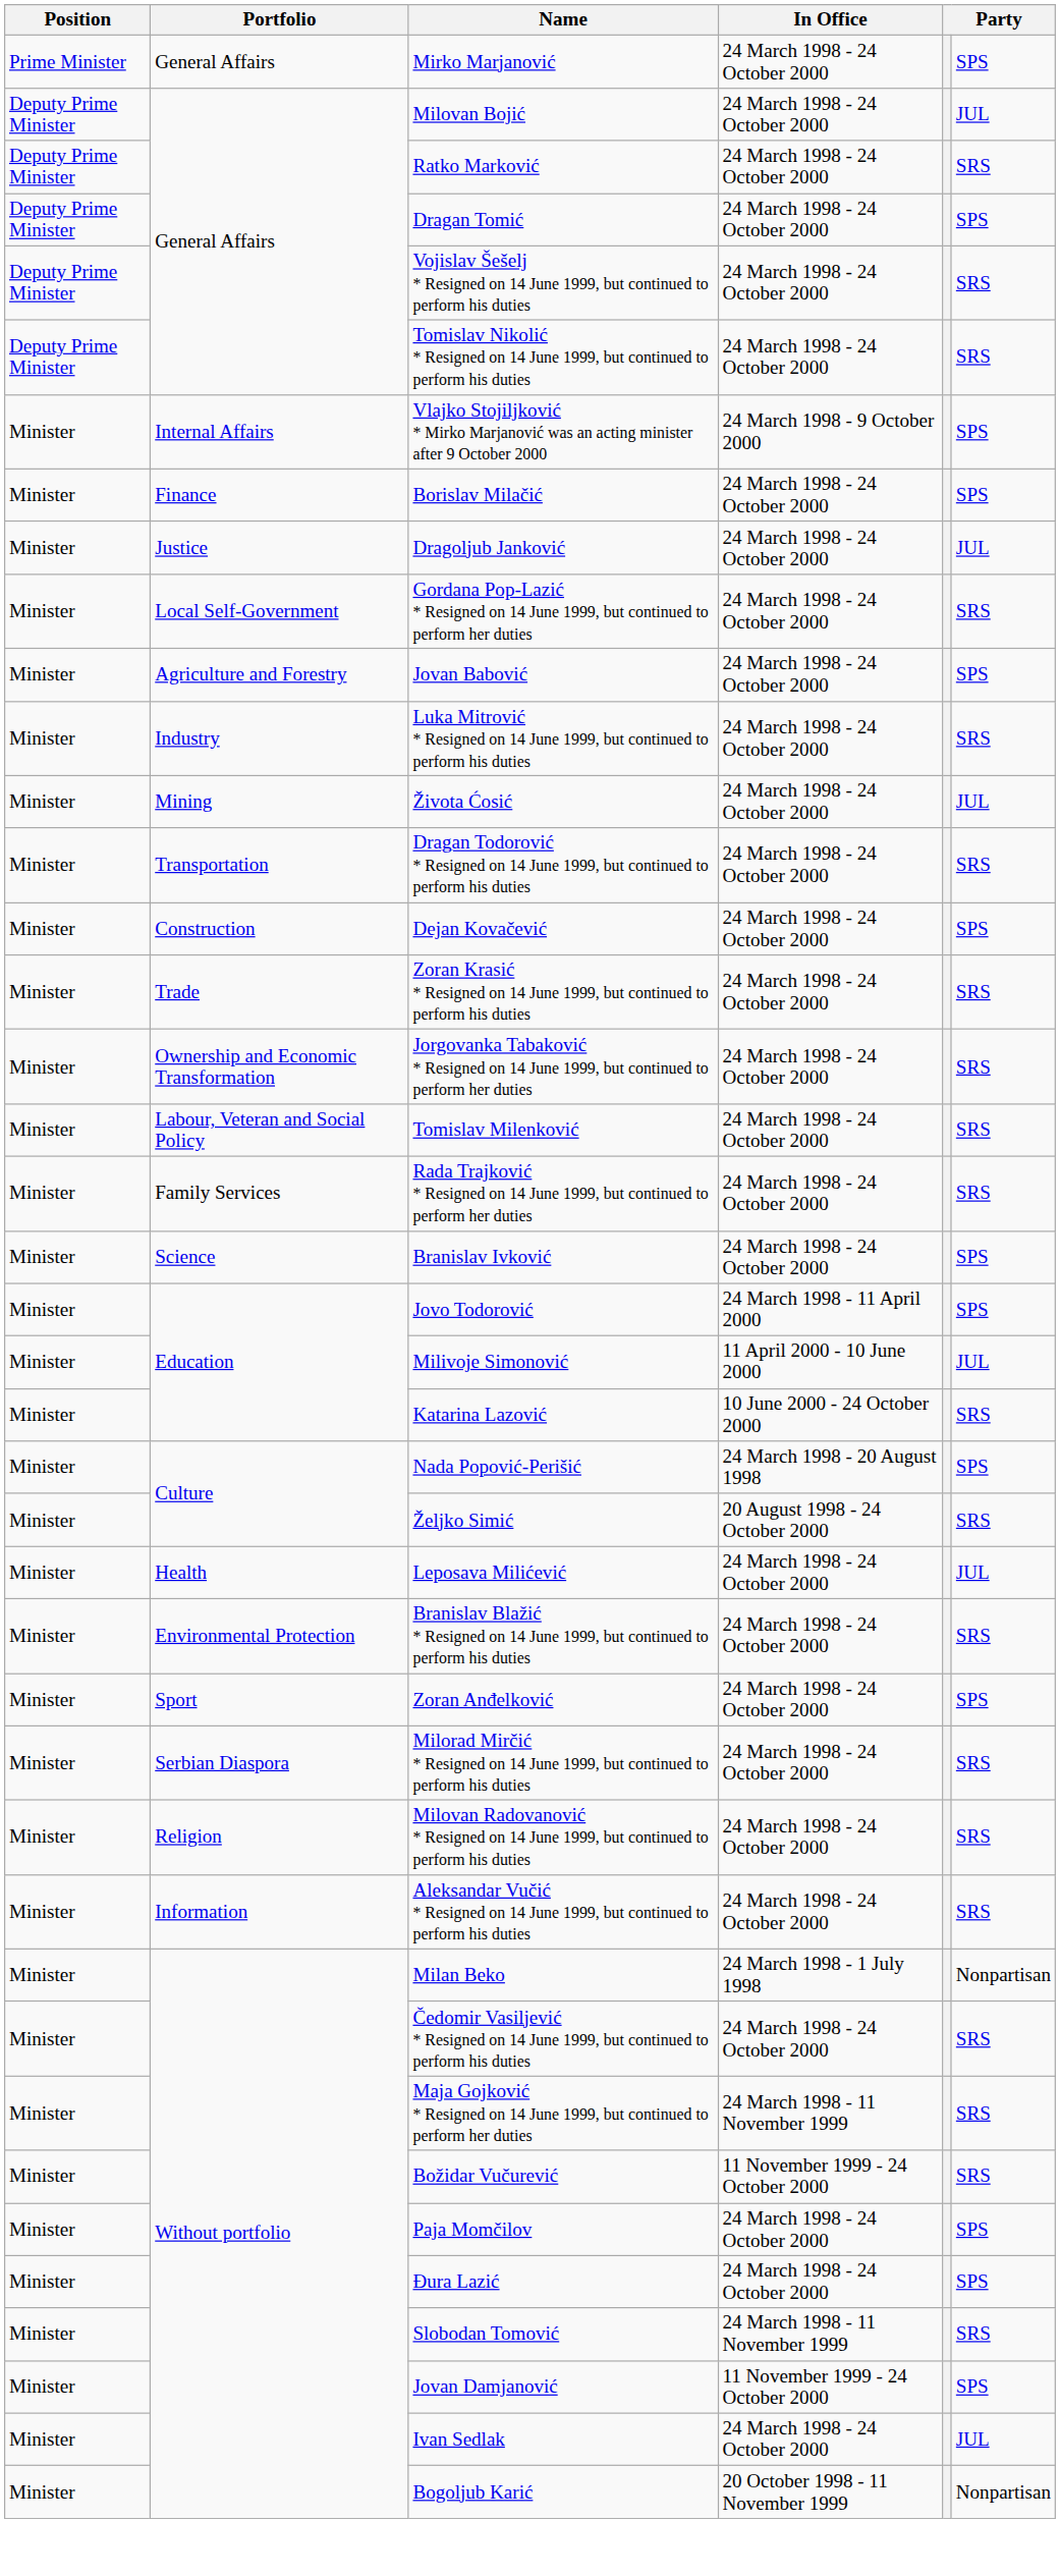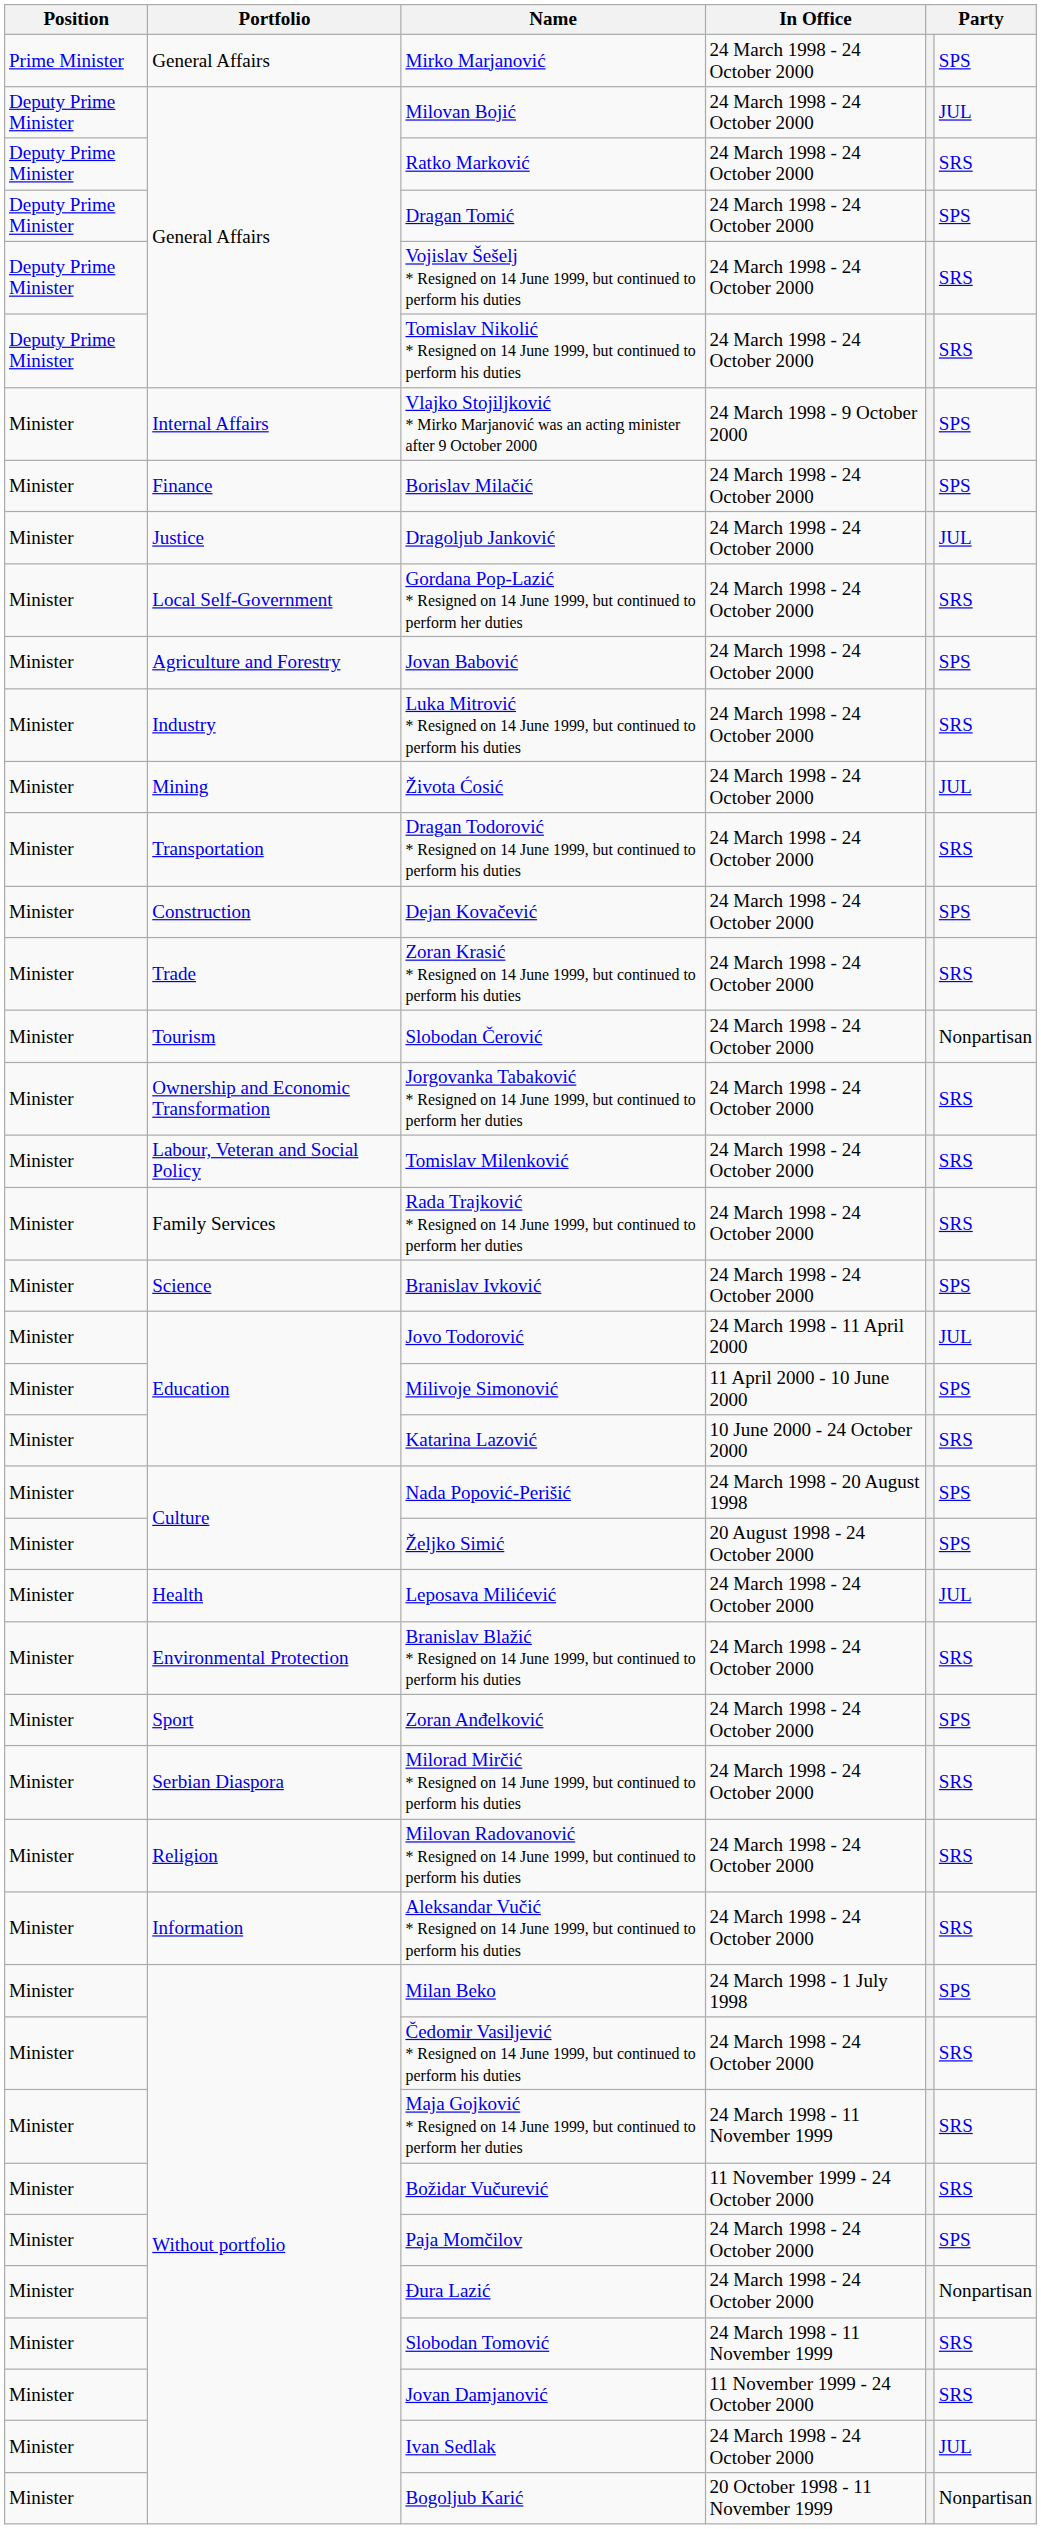 <table class="wikitable">
 <tr>
 <th colspan="1" bgcolor="#EEEEEE">Position</th>
 <th colspan="1" bgcolor="#EEEEEE">Portfolio</th>
 <th colspan="1" bgcolor="#EEEEEE">Name</th>
 <th colspan="1" bgcolor="#EEEEEE">In Office</th>
 <th colspan="2" bgcolor="#EEEEEE">Party</th>
 </tr>
 <tr>
 <td><a href='#'>Prime Minister</a></td>
 <td>General Affairs</td>
 <td><a href='#'>Mirko Marjanović</a></td>
 <td>24 March 1998 - 24 October 2000</td>
 <th style="background:"></th>
 <td><a href='#'>SPS</a></td>
 </tr>
 <tr>
 <td><a href='#'>Deputy Prime Minister</a></td>
 <td rowspan="5">General Affairs</td>
 <td><a href='#'>Milovan Bojić</a></td>
 <td>24 March 1998 - 24 October 2000</td>
 <th style="background:"></th>
 <td><a href='#'>JUL</a></td>
 </tr>
 <tr>
 <td><a href='#'>Deputy Prime Minister</a></td>
 <td><a href='#'>Ratko Marković</a></td>
 <td>24 March 1998 - 24 October 2000</td>
 <th style="background:"></th>
 <td><a href='#'>SRS</a></td>
 </tr>
 <tr>
 <td><a href='#'>Deputy Prime Minister</a></td>
 <td><a href='#'>Dragan Tomić</a></td>
 <td>24 March 1998 - 24 October 2000</td>
 <th style="background:"></th>
 <td><a href='#'>SPS</a></td>
 </tr>
 <tr>
 <td><a href='#'>Deputy Prime Minister</a></td>
 <td><a href='#'>Vojislav Šešelj</a><small><br>* Resigned on 14 June 1999, but continued to perform his duties</small></td>
 <td>24 March 1998 - 24 October 2000</td>
 <th style="background:"></th>
 <td><a href='#'>SRS</a></td>
 </tr>
 <tr>
 <td><a href='#'>Deputy Prime Minister</a></td>
 <td><a href='#'>Tomislav Nikolić</a><small><br>* Resigned on 14 June 1999, but continued to perform his duties</small></td>
 <td>24 March 1998 - 24 October 2000</td>
 <th style="background:"></th>
 <td><a href='#'>SRS</a></td>
 </tr>
 <tr>
 <td>Minister</td>
 <td><a href='#'>Internal Affairs</a></td>
 <td><a href='#'>Vlajko Stojiljković</a><small><br>* Mirko Marjanović was an acting minister after 9 October 2000</small></td>
 <td>24 March 1998 - 9 October 2000</td>
 <th style="background:"></th>
 <td><a href='#'>SPS</a></td>
 </tr>
 <tr>
 <td>Minister</td>
 <td><a href='#'>Finance</a></td>
 <td><a href='#'>Borislav Milačić</a></td>
 <td>24 March 1998 - 24 October 2000</td>
 <th style="background:"></th>
 <td><a href='#'>SPS</a></td>
 </tr>
 <tr>
 <td>Minister</td>
 <td><a href='#'>Justice</a></td>
 <td><a href='#'>Dragoljub Janković</a></td>
 <td>24 March 1998 - 24 October 2000</td>
 <th style="background:"></th>
 <td><a href='#'>JUL</a></td>
 </tr>
 <tr>
 <td>Minister</td>
 <td><a href='#'>Local Self-Government</a></td>
 <td><a href='#'>Gordana Pop-Lazić</a><small><br>* Resigned on 14 June 1999, but continued to perform her duties</small></td>
 <td>24 March 1998 - 24 October 2000</td>
 <th style="background:"></th>
 <td><a href='#'>SRS</a></td>
 </tr>
 <tr>
 <td>Minister</td>
 <td><a href='#'>Agriculture and Forestry</a></td>
 <td><a href='#'>Jovan Babović</a></td>
 <td>24 March 1998 - 24 October 2000</td>
 <th style="background:"></th>
 <td><a href='#'>SPS</a></td>
 </tr>
 <tr>
 <td>Minister</td>
 <td><a href='#'>Industry</a></td>
 <td><a href='#'>Luka Mitrović</a><small><br>* Resigned on 14 June 1999, but continued to perform his duties</small></td>
 <td>24 March 1998 - 24 October 2000</td>
 <th style="background:"></th>
 <td><a href='#'>SRS</a></td>
 </tr>
 <tr>
 <td>Minister</td>
 <td><a href='#'>Mining</a></td>
 <td><a href='#'>Života Ćosić</a></td>
 <td>24 March 1998 - 24 October 2000</td>
 <th style="background:"></th>
 <td><a href='#'>JUL</a></td>
 </tr>
 <tr>
 <td>Minister</td>
 <td><a href='#'>Transportation</a></td>
 <td><a href='#'>Dragan Todorović</a><small><br>* Resigned on 14 June 1999, but continued to perform his duties</small></td>
 <td>24 March 1998 - 24 October 2000</td>
 <th style="background:"></th>
 <td><a href='#'>SRS</a></td>
 </tr>
 <tr>
 <td>Minister</td>
 <td><a href='#'>Construction</a></td>
 <td><a href='#'>Dejan Kovačević</a></td>
 <td>24 March 1998 - 24 October 2000</td>
 <th style="background:"></th>
 <td><a href='#'>SPS</a></td>
 </tr>
 <tr>
 <td>Minister</td>
 <td><a href='#'>Trade</a></td>
 <td><a href='#'>Zoran Krasić</a><small><br>* Resigned on 14 June 1999, but continued to perform his duties</small></td>
 <td>24 March 1998 - 24 October 2000</td>
 <th style="background:"></th>
 <td><a href='#'>SRS</a></td>
 </tr>
 <tr>
 <td>Minister</td>
+<td><a href='#'>Tourism</a></td>
+<td><a href='#'>Slobodan Čerović</a></td>
+<td>24 March 1998 - 24 October 2000</td>
+<th style="background:"></th>
+<td>Nonpartisan</td>
+</tr>
+<tr>
+<td>Minister</td>
 <td><a href='#'>Ownership and Economic Transformation</a></td>
 <td><a href='#'>Jorgovanka Tabaković</a><small><br>* Resigned on 14 June 1999, but continued to perform her duties</small></td>
 <td>24 March 1998 - 24 October 2000</td>
 <th style="background:"></th>
 <td><a href='#'>SRS</a></td>
 </tr>
 <tr>
 <td>Minister</td>
 <td><a href='#'>Labour, Veteran and Social Policy</a></td>
 <td><a href='#'>Tomislav Milenković</a></td>
 <td>24 March 1998 - 24 October 2000</td>
 <th style="background:"></th>
 <td><a href='#'>SRS</a></td>
 </tr>
 <tr>
 <td>Minister</td>
 <td>Family Services</td>
 <td><a href='#'>Rada Trajković</a><small><br>* Resigned on 14 June 1999, but continued to perform her duties</small></td>
 <td>24 March 1998 - 24 October 2000</td>
 <th style="background:"></th>
 <td><a href='#'>SRS</a></td>
 </tr>
 <tr>
 <td>Minister</td>
 <td><a href='#'>Science</a></td>
 <td><a href='#'>Branislav Ivković</a></td>
 <td>24 March 1998 - 24 October 2000</td>
 <th style="background:"></th>
 <td><a href='#'>SPS</a></td>
 </tr>
 <tr>
 <td>Minister</td>
 <td rowspan="3"><a href='#'>Education</a></td>
 <td><a href='#'>Jovo Todorović</a></td>
 <td>24 March 1998 - 11 April 2000</td>
 <th style="background:"></th>
-<td><a href='#'>SPS</a></td>
+<td><a href='#'>JUL</a></td>
 </tr>
 <tr>
 <td>Minister</td>
 <td><a href='#'>Milivoje Simonović</a></td>
 <td>11 April 2000 - 10 June 2000</td>
 <th style="background:"></th>
-<td><a href='#'>JUL</a></td>
+<td><a href='#'>SPS</a></td>
 </tr>
 <tr>
 <td>Minister</td>
 <td><a href='#'>Katarina Lazović</a></td>
 <td>10 June 2000 - 24 October 2000</td>
 <th style="background:"></th>
 <td><a href='#'>SRS</a></td>
 </tr>
 <tr>
 <td>Minister</td>
 <td rowspan="2"><a href='#'>Culture</a></td>
 <td><a href='#'>Nada Popović-Perišić</a></td>
 <td>24 March 1998 - 20 August 1998</td>
 <th style="background:"></th>
 <td><a href='#'>SPS</a></td>
 </tr>
 <tr>
 <td>Minister</td>
 <td><a href='#'>Željko Simić</a></td>
 <td>20 August 1998 - 24 October 2000</td>
 <th style="background:"></th>
-<td><a href='#'>SRS</a></td>
+<td><a href='#'>SPS</a></td>
 </tr>
 <tr>
 <td>Minister</td>
 <td><a href='#'>Health</a></td>
 <td><a href='#'>Leposava Milićević</a></td>
 <td>24 March 1998 - 24 October 2000</td>
 <th style="background:"></th>
 <td><a href='#'>JUL</a></td>
 </tr>
 <tr>
 <td>Minister</td>
 <td><a href='#'>Environmental Protection</a></td>
 <td><a href='#'>Branislav Blažić</a><small><br>* Resigned on 14 June 1999, but continued to perform his duties</small></td>
 <td>24 March 1998 - 24 October 2000</td>
 <th style="background:"></th>
 <td><a href='#'>SRS</a></td>
 </tr>
 <tr>
 <td>Minister</td>
 <td><a href='#'>Sport</a></td>
 <td><a href='#'>Zoran Anđelković</a></td>
 <td>24 March 1998 - 24 October 2000</td>
 <th style="background:"></th>
 <td><a href='#'>SPS</a></td>
 </tr>
 <tr>
 <td>Minister</td>
 <td><a href='#'>Serbian Diaspora</a></td>
 <td><a href='#'>Milorad Mirčić</a><small><br>* Resigned on 14 June 1999, but continued to perform his duties</small></td>
 <td>24 March 1998 - 24 October 2000</td>
 <th style="background:"></th>
 <td><a href='#'>SRS</a></td>
 </tr>
 <tr>
 <td>Minister</td>
 <td><a href='#'>Religion</a></td>
 <td><a href='#'>Milovan Radovanović</a><small><br>* Resigned on 14 June 1999, but continued to perform his duties</small></td>
 <td>24 March 1998 - 24 October 2000</td>
 <th style="background:"></th>
 <td><a href='#'>SRS</a></td>
 </tr>
 <tr>
 <td>Minister</td>
 <td><a href='#'>Information</a></td>
 <td><a href='#'>Aleksandar Vučić</a><small><br>* Resigned on 14 June 1999, but continued to perform his duties</small></td>
 <td>24 March 1998 - 24 October 2000</td>
 <th style="background:"></th>
 <td><a href='#'>SRS</a></td>
 </tr>
 <tr>
 <td>Minister</td>
 <td rowspan="10"><a href='#'>Without portfolio</a></td>
 <td><a href='#'>Milan Beko</a></td>
 <td>24 March 1998 - 1 July 1998</td>
 <th style="background:"></th>
-<td>Nonpartisan</td>
+<td><a href='#'>SPS</a></td>
 </tr>
 <tr>
 <td>Minister</td>
 <td><a href='#'>Čedomir Vasiljević</a><small><br>* Resigned on 14 June 1999, but continued to perform his duties</small></td>
 <td>24 March 1998 - 24 October 2000</td>
 <th style="background:"></th>
 <td><a href='#'>SRS</a></td>
 </tr>
 <tr>
 <td>Minister</td>
 <td><a href='#'>Maja Gojković</a><small><br>* Resigned on 14 June 1999, but continued to perform her duties</small></td>
 <td>24 March 1998 - 11 November 1999</td>
 <th style="background:"></th>
 <td><a href='#'>SRS</a></td>
 </tr>
 <tr>
 <td>Minister</td>
 <td><a href='#'>Božidar Vučurević</a></td>
 <td>11 November 1999 - 24 October 2000</td>
 <th style="background:"></th>
 <td><a href='#'>SRS</a></td>
 </tr>
 <tr>
 <td>Minister</td>
 <td><a href='#'>Paja Momčilov</a></td>
 <td>24 March 1998 - 24 October 2000</td>
 <th style="background:"></th>
 <td><a href='#'>SPS</a></td>
 </tr>
 <tr>
 <td>Minister</td>
 <td><a href='#'>Đura Lazić</a></td>
 <td>24 March 1998 - 24 October 2000</td>
 <th style="background:"></th>
-<td><a href='#'>SPS</a></td>
+<td>Nonpartisan</td>
 </tr>
 <tr>
 <td>Minister</td>
 <td><a href='#'>Slobodan Tomović</a></td>
 <td>24 March 1998 - 11 November 1999</td>
 <th style="background:"></th>
 <td><a href='#'>SRS</a></td>
 </tr>
 <tr>
 <td>Minister</td>
 <td><a href='#'>Jovan Damjanović</a></td>
 <td>11 November 1999 - 24 October 2000</td>
 <th style="background:"></th>
-<td><a href='#'>SPS</a></td>
+<td><a href='#'>SRS</a></td>
 </tr>
 <tr>
 <td>Minister</td>
 <td><a href='#'>Ivan Sedlak</a></td>
 <td>24 March 1998 - 24 October 2000</td>
 <th style="background:"></th>
 <td><a href='#'>JUL</a></td>
 </tr>
 <tr>
 <td>Minister</td>
 <td><a href='#'>Bogoljub Karić</a></td>
 <td>20 October 1998 - 11 November 1999</td>
 <th style="background:"></th>
 <td>Nonpartisan</td>
 </tr>
 </table>
